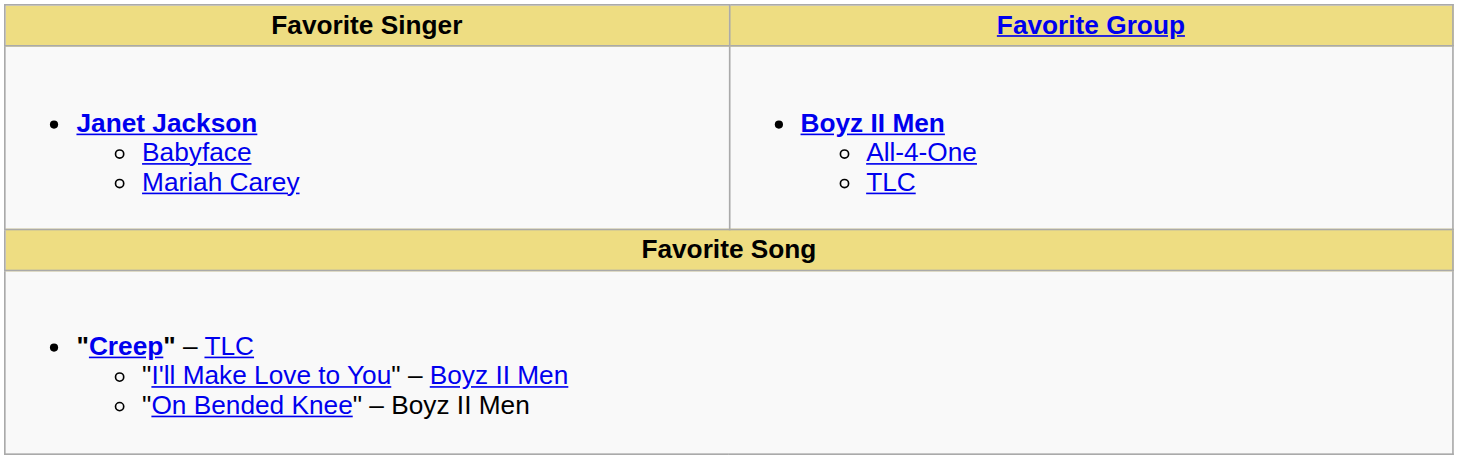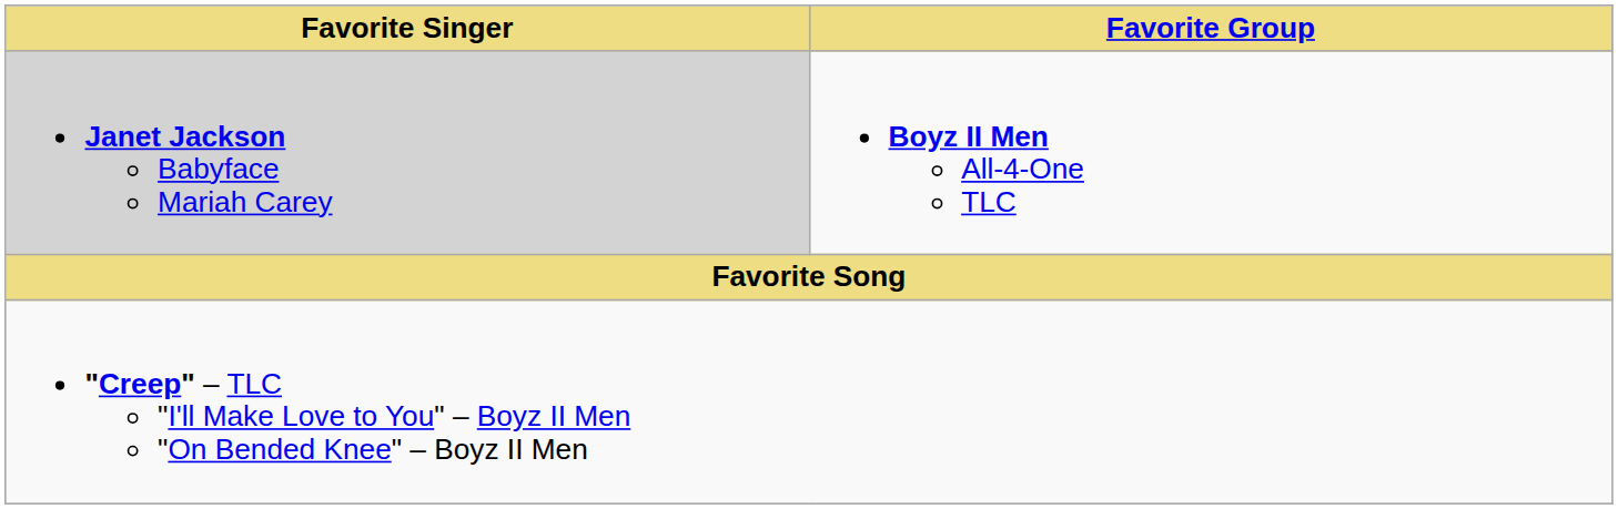 <table class="wikitable" style="width:100%">
 <tr>
 <th style="background:#EEDD82; width:50%">Favorite Singer</th>
 <th style="background:#EEDD82; width:50%"><a href='#'>Favorite Group</a></th>
 </tr>
 <tr>
-<td valign="top"><br><ul><li><strong><a href='#'>Janet Jackson</a></strong><ul><li><a href='#'>Babyface</a></li><li><a href='#'>Mariah Carey</a></li></ul></li></ul></td>
+<td valign="top" style="background: lightgrey;"><br><ul><li><strong><a href='#'>Janet Jackson</a></strong><ul><li><a href='#'>Babyface</a></li><li><a href='#'>Mariah Carey</a></li></ul></li></ul></td>
 <td valign="top"><br><ul><li><strong><a href='#'>Boyz II Men</a></strong><ul><li><a href='#'>All-4-One</a></li><li><a href='#'>TLC</a></li></ul></li></ul></td>
 </tr>
 <tr>
 <th style="background:#EEDD82;" colspan="2">Favorite Song</th>
 </tr>
 <tr>
 <td colspan="2" valign="top"><br><ul><li><strong>"<a href='#'>Creep</a>"</strong> – <a href='#'>TLC</a><ul><li>"<a href='#'>I'll Make Love to You</a>" – <a href='#'>Boyz II Men</a></li><li>"<a href='#'>On Bended Knee</a>" – Boyz II Men</li></ul></li></ul></td>
 </tr>
 </table>
